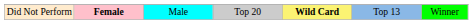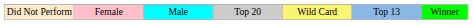 <table class="wikitable" style="margin:1em auto; text-align:center;">
 <tr>
 </tr>
 <tr>
 <td style="background:#FFEBCD;" width="15%">Did Not Perform</td>
-<td style="background:pink;" width="15%"><strong>Female</strong></td>
+<td style="background:pink;" width="15%">Female</td>
 <td style="background:cyan;" width="15%">Male</td>
 <td style="background:#CCCCCC;" width="15%">Top 20</td>
-<td style="background:#FBF373;" width="15%"><strong>Wild Card</strong></td>
+<td style="background:#FBF373;" width="15%">Wild Card</td>
 <td style="background:#8AB8E6;" width="15%">Top 13</td>
 <td style="background:lime;" width="15%">Winner</td>
 </tr>
 </table>
